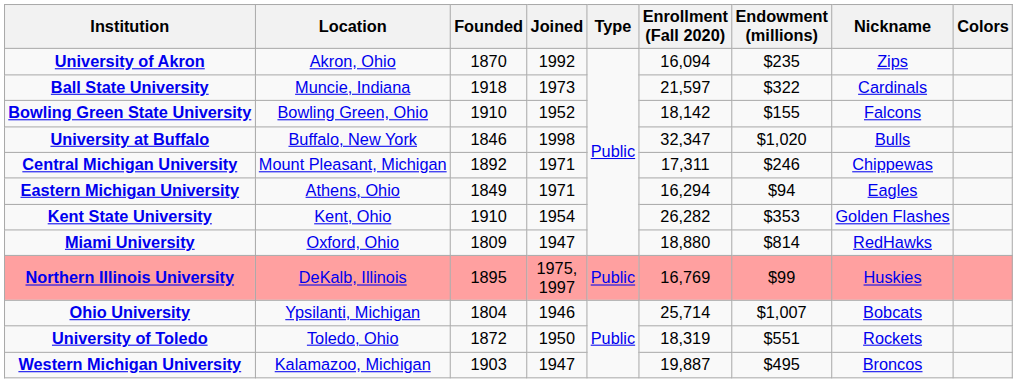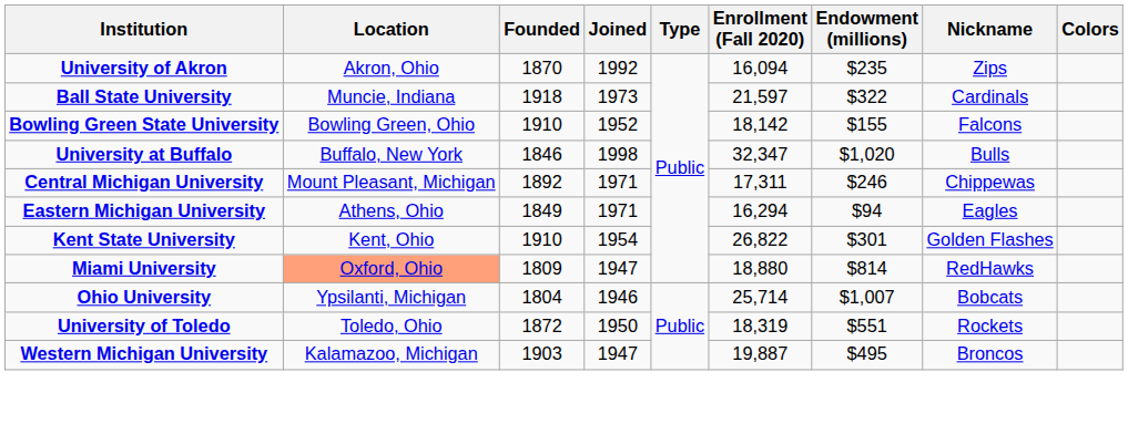 <table class="wikitable sortable" style="text-align: center;">
 <tr>
 <th width=px>Institution</th>
 <th width=px>Location</th>
 <th width=px>Founded</th>
 <th width=px>Joined</th>
 <th width=px>Type</th>
 <th width=px>Enrollment<br>(Fall 2020)</th>
 <th width=px>Endowment<br>(millions)</th>
 <th width=px>Nickname</th>
 <th class="unsortable" ! width=px>Colors</th>
 </tr>
 <tr>
 <td><strong><a href='#'>University of Akron</a></strong></td>
 <td><a href='#'>Akron, Ohio</a></td>
 <td>1870</td>
 <td>1992</td>
 <td rowspan="8"><a href='#'>Public</a></td>
 <td>16,094</td>
 <td>$235</td>
 <td><a href='#'>Zips</a></td>
 <td></td>
 </tr>
 <tr>
 <td><strong><a href='#'>Ball State University</a></strong></td>
 <td><a href='#'>Muncie, Indiana</a></td>
 <td>1918</td>
 <td>1973</td>
 <td>21,597</td>
 <td>$322</td>
 <td><a href='#'>Cardinals</a></td>
 <td></td>
 </tr>
 <tr>
 <td><strong><a href='#'>Bowling Green State University</a></strong></td>
 <td><a href='#'>Bowling Green, Ohio</a></td>
 <td>1910</td>
 <td>1952</td>
 <td>18,142</td>
 <td>$155</td>
 <td><a href='#'>Falcons</a></td>
 <td></td>
 </tr>
 <tr>
 <td><strong><a href='#'>University at Buffalo</a></strong></td>
 <td><a href='#'>Buffalo, New York</a></td>
 <td>1846</td>
 <td>1998</td>
 <td>32,347</td>
 <td>$1,020</td>
 <td><a href='#'>Bulls</a></td>
 <td></td>
 </tr>
 <tr>
 <td><strong><a href='#'>Central Michigan University</a></strong></td>
 <td><a href='#'>Mount Pleasant, Michigan</a></td>
 <td>1892</td>
 <td>1971</td>
 <td>17,311</td>
 <td>$246</td>
 <td><a href='#'>Chippewas</a></td>
 <td></td>
 </tr>
 <tr>
 <td><strong><a href='#'>Eastern Michigan University</a></strong></td>
 <td><a href='#'>Athens, Ohio</a></td>
 <td>1849</td>
 <td>1971</td>
 <td>16,294</td>
 <td>$94</td>
 <td><a href='#'>Eagles</a></td>
 <td></td>
 </tr>
 <tr>
 <td><strong><a href='#'>Kent State University</a></strong></td>
 <td><a href='#'>Kent, Ohio</a></td>
 <td>1910</td>
 <td>1954</td>
-<td>26,282</td>
-<td>$353</td>
+<td>26,822</td>
+<td>$301</td>
 <td><a href='#'>Golden Flashes</a></td>
 <td></td>
 </tr>
 <tr>
 <td><strong><a href='#'>Miami University</a></strong></td>
-<td><a href='#'>Oxford, Ohio</a></td>
+<td style="background: lightsalmon;"><a href='#'>Oxford, Ohio</a></td>
 <td>1809</td>
 <td>1947</td>
 <td>18,880</td>
 <td>$814</td>
 <td><a href='#'>RedHawks</a></td>
-<td></td>
-</tr>
-<tr bgcolor=#ffa0a0>
-<td><strong><a href='#'>Northern Illinois University</a></strong></td>
-<td><a href='#'>DeKalb, Illinois</a></td>
-<td>1895</td>
-<td>1975,<br>1997</td>
-<td><a href='#'>Public</a></td>
-<td>16,769</td>
-<td>$99</td>
-<td><a href='#'>Huskies</a></td>
 <td></td>
 </tr>
 <tr>
 <td><strong><a href='#'>Ohio University</a></strong></td>
 <td><a href='#'>Ypsilanti, Michigan</a></td>
 <td>1804</td>
 <td>1946</td>
 <td rowspan="3"><a href='#'>Public</a></td>
 <td>25,714</td>
 <td>$1,007</td>
 <td><a href='#'>Bobcats</a></td>
 <td></td>
 </tr>
 <tr>
 <td><strong><a href='#'>University of Toledo</a></strong></td>
 <td><a href='#'>Toledo, Ohio</a></td>
 <td>1872</td>
 <td>1950</td>
 <td>18,319</td>
 <td>$551</td>
 <td><a href='#'>Rockets</a></td>
 <td></td>
 </tr>
 <tr>
 <td><strong><a href='#'>Western Michigan University</a></strong></td>
 <td><a href='#'>Kalamazoo, Michigan</a></td>
 <td>1903</td>
 <td>1947</td>
 <td>19,887</td>
 <td>$495</td>
 <td><a href='#'>Broncos</a></td>
 <td></td>
 </tr>
 </table>
